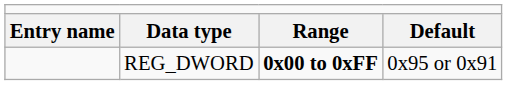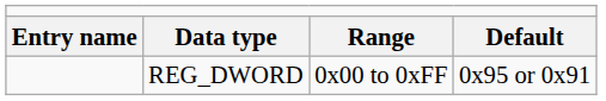 <table class="wikitable" style="margin:1.5em 1em 1.5em 2em; text-align:center">
 <tr>
 <td colspan="4">  </td>
 </tr>
 <tr>
 <th>Entry name</th>
 <th>Data type</th>
 <th>Range</th>
 <th>Default</th>
 </tr>
 <tr>
 <td></td>
 <td>REG_DWORD</td>
-<td><strong>0x00 to 0xFF</strong></td>
+<td>0x00 to 0xFF</td>
 <td>0x95 or 0x91</td>
 </tr>
 </table>
